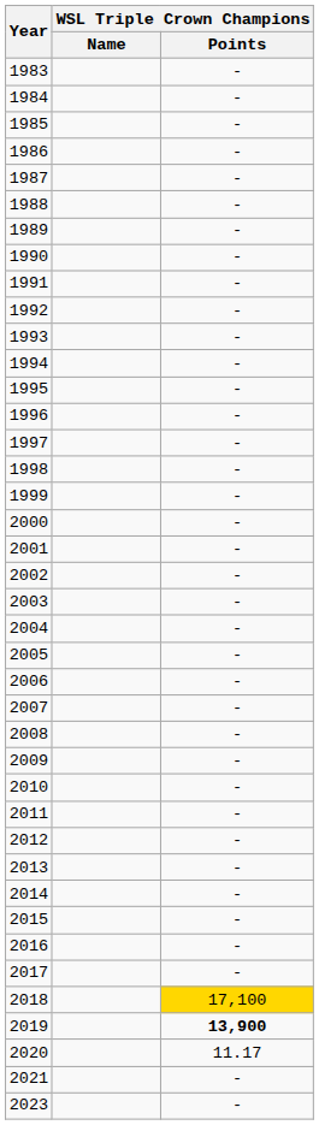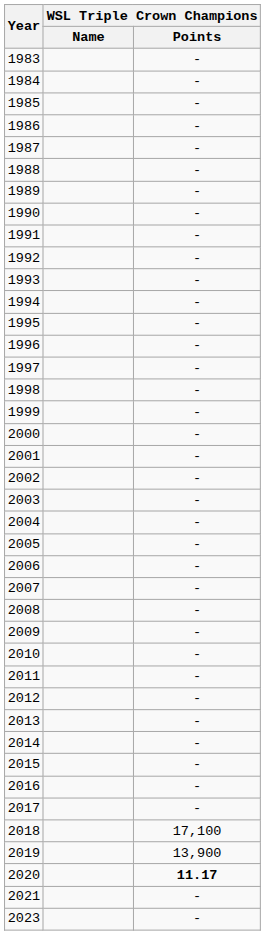 <table class="wikitable">
 <tr>
 <th rowspan="2">Year</th>
 <th colspan="2">WSL Triple Crown Champions</th>
 </tr>
 <tr>
 <th>Name</th>
 <th>Points</th>
 </tr>
 <tr>
 <td style="text-align:center;">1983</td>
 <td></td>
 <td style="text-align:center;">-</td>
 </tr>
 <tr>
 <td style="text-align:center;">1984</td>
 <td></td>
 <td style="text-align:center;">-</td>
 </tr>
 <tr>
 <td style="text-align:center;">1985</td>
 <td></td>
 <td style="text-align:center;">-</td>
 </tr>
 <tr>
 <td style="text-align:center;">1986</td>
 <td></td>
 <td style="text-align:center;">-</td>
 </tr>
 <tr>
 <td style="text-align:center;">1987</td>
 <td></td>
 <td style="text-align:center;">-</td>
 </tr>
 <tr>
 <td style="text-align:center;">1988</td>
 <td></td>
 <td style="text-align:center;">-</td>
 </tr>
 <tr>
 <td style="text-align:center;">1989</td>
 <td></td>
 <td style="text-align:center;">-</td>
 </tr>
 <tr>
 <td style="text-align:center;">1990</td>
 <td></td>
 <td style="text-align:center;">-</td>
 </tr>
 <tr>
 <td style="text-align:center;">1991</td>
 <td></td>
 <td style="text-align:center;">-</td>
 </tr>
 <tr>
 <td style="text-align:center;">1992</td>
 <td></td>
 <td style="text-align:center;">-</td>
 </tr>
 <tr>
 <td style="text-align:center;">1993</td>
 <td></td>
 <td style="text-align:center;">-</td>
 </tr>
 <tr>
 <td style="text-align:center;">1994</td>
 <td></td>
 <td style="text-align:center;">-</td>
 </tr>
 <tr>
 <td style="text-align:center;">1995</td>
 <td></td>
 <td style="text-align:center;">-</td>
 </tr>
 <tr>
 <td style="text-align:center;">1996</td>
 <td></td>
 <td style="text-align:center;">-</td>
 </tr>
 <tr>
 <td style="text-align:center;">1997</td>
 <td></td>
 <td style="text-align:center;">-</td>
 </tr>
 <tr>
 <td style="text-align:center;">1998</td>
 <td></td>
 <td style="text-align:center;">-</td>
 </tr>
 <tr>
 <td style="text-align:center;">1999</td>
 <td></td>
 <td style="text-align:center;">-</td>
 </tr>
 <tr>
 <td style="text-align:center;">2000</td>
 <td></td>
 <td style="text-align:center;">-</td>
 </tr>
 <tr>
 <td style="text-align:center;">2001</td>
 <td></td>
 <td style="text-align:center;">-</td>
 </tr>
 <tr>
 <td style="text-align:center;">2002</td>
 <td></td>
 <td style="text-align:center;">-</td>
 </tr>
 <tr>
 <td style="text-align:center;">2003</td>
 <td></td>
 <td style="text-align:center;">-</td>
 </tr>
 <tr>
 <td style="text-align:center;">2004</td>
 <td></td>
 <td style="text-align:center;">-</td>
 </tr>
 <tr>
 <td style="text-align:center;">2005</td>
 <td></td>
 <td style="text-align:center;">-</td>
 </tr>
 <tr>
 <td style="text-align:center;">2006</td>
 <td></td>
 <td style="text-align:center;">-</td>
 </tr>
 <tr>
 <td style="text-align:center;">2007</td>
 <td></td>
 <td style="text-align:center;">-</td>
 </tr>
 <tr>
 <td style="text-align:center;">2008</td>
 <td></td>
 <td style="text-align:center;">-</td>
 </tr>
 <tr>
 <td style="text-align:center;">2009</td>
 <td></td>
 <td style="text-align:center;">-</td>
 </tr>
 <tr>
 <td style="text-align:center;">2010</td>
 <td></td>
 <td style="text-align:center;">-</td>
 </tr>
 <tr>
 <td style="text-align:center;">2011</td>
 <td></td>
 <td style="text-align:center;">-</td>
 </tr>
 <tr>
 <td style="text-align:center;">2012</td>
 <td></td>
 <td style="text-align:center;">-</td>
 </tr>
 <tr>
 <td style="text-align:center;">2013</td>
 <td></td>
 <td style="text-align:center;">-</td>
 </tr>
 <tr>
 <td style="text-align:center;">2014</td>
 <td></td>
 <td style="text-align:center;">-</td>
 </tr>
 <tr>
 <td style="text-align:center;">2015</td>
 <td></td>
 <td style="text-align:center;">-</td>
 </tr>
 <tr>
 <td style="text-align:center;">2016</td>
 <td></td>
 <td style="text-align:center;">-</td>
 </tr>
 <tr>
 <td style="text-align:center;">2017</td>
 <td></td>
 <td style="text-align:center;">-</td>
 </tr>
 <tr>
 <td style="text-align:center;">2018</td>
 <td></td>
-<td style="background: gold; text-align:center;">17,100</td>
+<td style="text-align:center;">17,100</td>
 </tr>
 <tr>
 <td style="text-align:center;">2019</td>
 <td></td>
-<td style="text-align:center;"><strong>13,900</strong></td>
+<td style="text-align:center;">13,900</td>
 </tr>
 <tr>
 <td style="text-align:center;">2020</td>
 <td></td>
-<td style="text-align:center;">11.17</td>
+<td style="text-align:center;"><strong>11.17</strong></td>
 </tr>
 <tr>
 <td style="text-align:center;">2021</td>
 <td></td>
 <td style="text-align:center;">-</td>
 </tr>
 <tr>
 <td style="text-align:center;">2023</td>
 <td></td>
 <td style="text-align:center;">-</td>
 </tr>
 </table>
